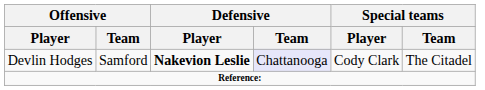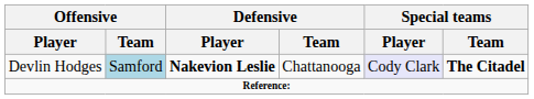 <table class="wikitable" border="1">
 <tr>
 <th colspan="2">Offensive</th>
 <th colspan="2">Defensive</th>
 <th colspan="2">Special teams</th>
 </tr>
 <tr>
 <th>Player</th>
 <th>Team</th>
 <th>Player</th>
 <th>Team</th>
 <th>Player</th>
 <th>Team</th>
 </tr>
 <tr>
 <td>Devlin Hodges</td>
-<td>Samford</td>
+<td style="background: lightblue;">Samford</td>
 <td><strong>Nakevion Leslie</strong></td>
-<td style="background: lavender;">Chattanooga</td>
-<td>Cody Clark</td>
-<td>The Citadel</td>
+<td>Chattanooga</td>
+<td style="background: lavender;">Cody Clark</td>
+<td><strong>The Citadel</strong></td>
 </tr>
 <tr>
 <td colspan="8" style="font-size: 8pt" align="center"><strong>Reference: </strong></td>
 </tr>
 </table>
